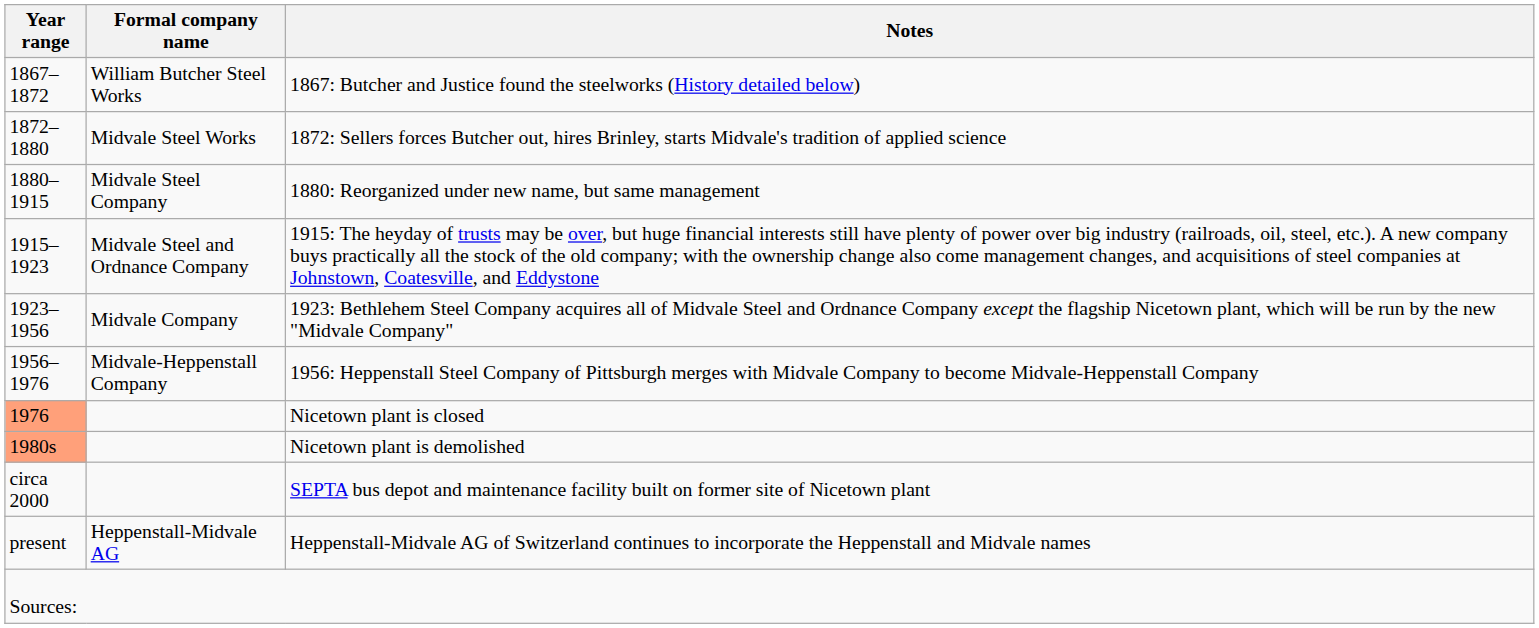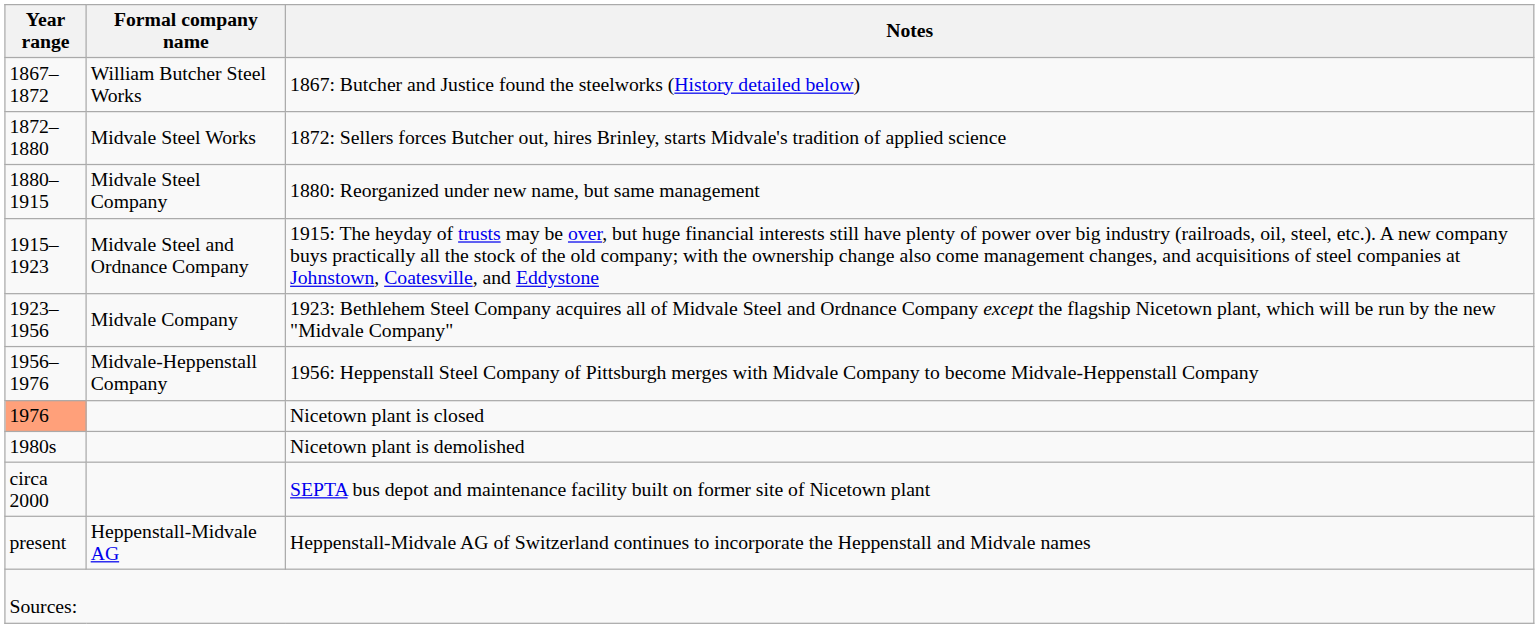 <table class="wikitable" style="margin:10px;">
 <tr>
 <th>Year range</th>
 <th>Formal company name</th>
 <th>Notes</th>
 </tr>
 <tr>
 <td>1867–1872</td>
 <td>William Butcher Steel Works</td>
 <td>1867: Butcher and Justice found the steelworks (<a href='#'>History detailed below</a>)</td>
 </tr>
 <tr>
 <td>1872–1880</td>
 <td>Midvale Steel Works</td>
 <td>1872: Sellers forces Butcher out, hires Brinley, starts Midvale's tradition of applied science</td>
 </tr>
 <tr>
 <td>1880–1915</td>
 <td>Midvale Steel Company</td>
 <td>1880: Reorganized under new name, but same management</td>
 </tr>
 <tr>
 <td>1915–1923</td>
 <td>Midvale Steel and Ordnance Company</td>
 <td>1915: The heyday of <a href='#'>trusts</a> may be <a href='#'>over</a>, but huge financial interests still have plenty of power over big industry (railroads, oil, steel, etc.). A new company buys practically all the stock of the old company; with the ownership change also come management changes, and acquisitions of steel companies at <a href='#'>Johnstown</a>, <a href='#'>Coatesville</a>, and <a href='#'>Eddystone</a></td>
 </tr>
 <tr>
 <td>1923–1956</td>
 <td>Midvale Company</td>
 <td>1923: Bethlehem Steel Company acquires all of Midvale Steel and Ordnance Company <em>except</em> the flagship Nicetown plant, which will be run by the new "Midvale Company"</td>
 </tr>
 <tr>
 <td>1956–1976</td>
 <td>Midvale-Heppenstall Company</td>
 <td>1956: Heppenstall Steel Company of Pittsburgh merges with Midvale Company to become Midvale-Heppenstall Company</td>
 </tr>
 <tr>
 <td style="background: lightsalmon;">1976</td>
 <td> </td>
 <td>Nicetown plant is closed</td>
 </tr>
 <tr>
-<td style="background: lightsalmon;">1980s</td>
+<td>1980s</td>
 <td> </td>
 <td>Nicetown plant is demolished</td>
 </tr>
 <tr>
 <td>circa 2000</td>
 <td> </td>
 <td><a href='#'>SEPTA</a> bus depot and maintenance facility built on former site of Nicetown plant</td>
 </tr>
 <tr>
 <td>present</td>
 <td>Heppenstall-Midvale <a href='#'>AG</a></td>
 <td>Heppenstall-Midvale AG of Switzerland continues to incorporate the Heppenstall and Midvale names</td>
 </tr>
 <tr>
 <td colspan="3"><br> Sources:</td>
 </tr>
 </table>
